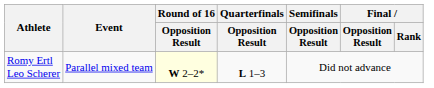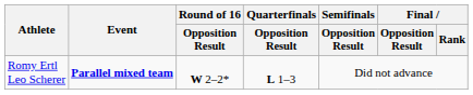 <table class="wikitable" style="font-size:90%">
 <tr>
 <th rowspan="2">Athlete</th>
 <th rowspan="2">Event</th>
 <th>Round of 16</th>
 <th>Quarterfinals</th>
 <th>Semifinals</th>
 <th colspan=2>Final / </th>
 </tr>
 <tr style="font-size:95%">
 <th>Opposition<br>Result</th>
 <th>Opposition<br>Result</th>
 <th>Opposition<br>Result</th>
 <th>Opposition<br>Result</th>
 <th>Rank</th>
 </tr>
 <tr align=center>
 <td align=left><a href='#'>Romy Ertl</a><br><a href='#'>Leo Scherer</a></td>
-<td align=left><a href='#'>Parallel mixed team</a></td>
-<td style="background: lightyellow;"><br><strong>W</strong> 2–2*</td>
+<td align=left><strong><a href='#'>Parallel mixed team</a></strong></td>
+<td><br><strong>W</strong> 2–2*</td>
 <td><br><strong>L</strong> 1–3</td>
 <td colspan=3>Did not advance</td>
 </tr>
 </table>
